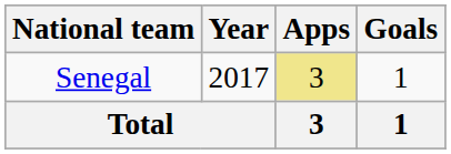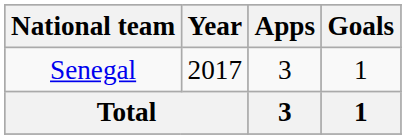 <table class="wikitable" style="text-align:center">
 <tr>
 <th>National team</th>
 <th>Year</th>
 <th>Apps</th>
 <th>Goals</th>
 </tr>
 <tr>
 <td><a href='#'>Senegal</a></td>
 <td>2017</td>
-<td style="background: khaki;">3</td>
+<td>3</td>
 <td>1</td>
 </tr>
 <tr>
 <th colspan="2">Total</th>
 <th>3</th>
 <th>1</th>
 </tr>
 </table>
